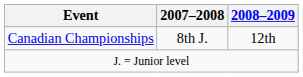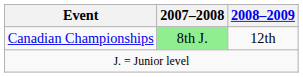 <table class="wikitable" style="text-align:center">
 <tr>
 <th>Event</th>
 <th>2007–2008</th>
 <th><a href='#'>2008–2009</a></th>
 </tr>
 <tr>
 <td align=left><a href='#'>Canadian Championships</a></td>
-<td>8th J.</td>
+<td style="background: lightgreen;">8th J.</td>
 <td>12th</td>
 </tr>
 <tr>
 <td colspan=3 align=center><small> J. = Junior level </small></td>
 </tr>
 </table>
